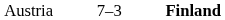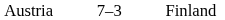 <table style="text-align:center">
 <tr>
 <th width=200></th>
 <th width=100></th>
 <th width=200></th>
 </tr>
 <tr>
 <td align=right>Austria </td>
 <td>7–3</td>
-<td align=left><strong> Finland</strong></td>
+<td align=left> Finland</td>
 </tr>
 </table>
